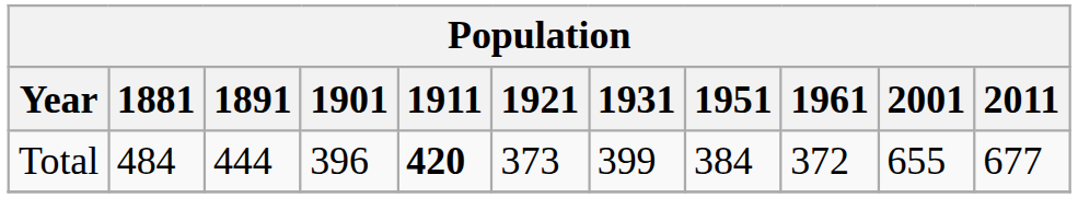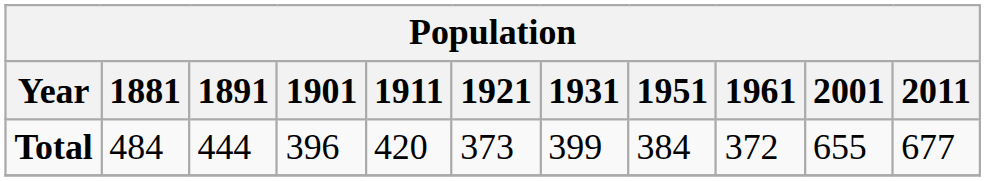 <table class="wikitable" style="margin: 1em auto 1em auto;">
 <tr>
 <th colspan="17">Population</th>
 </tr>
 <tr>
 <th>Year</th>
 <th>1881</th>
 <th>1891</th>
 <th>1901</th>
 <th>1911</th>
 <th>1921</th>
 <th>1931</th>
 <th>1951</th>
 <th>1961</th>
 <th>2001</th>
 <th>2011</th>
 </tr>
 <tr>
-<td>Total</td>
+<td><strong>Total</strong></td>
 <td>484</td>
 <td>444</td>
 <td>396</td>
-<td><strong>420</strong></td>
+<td>420</td>
 <td>373</td>
 <td>399</td>
 <td>384</td>
 <td>372</td>
 <td>655</td>
 <td>677</td>
 </tr>
 <tr>
 </tr>
 </table>
